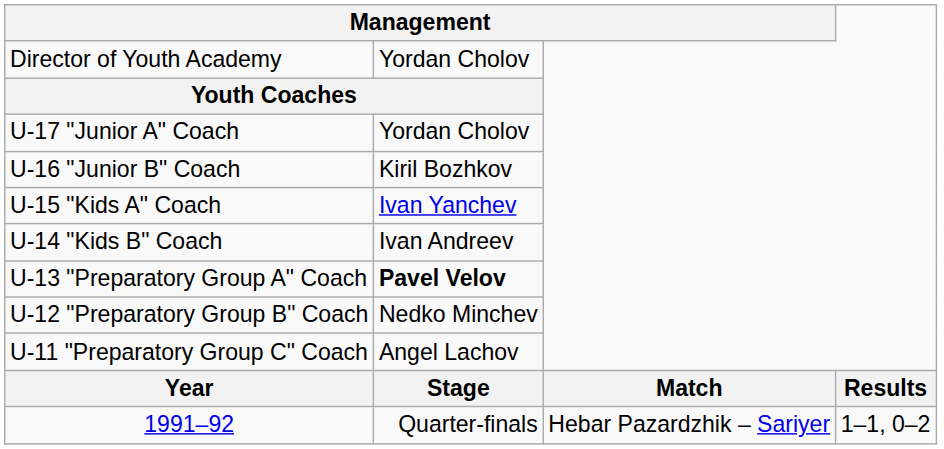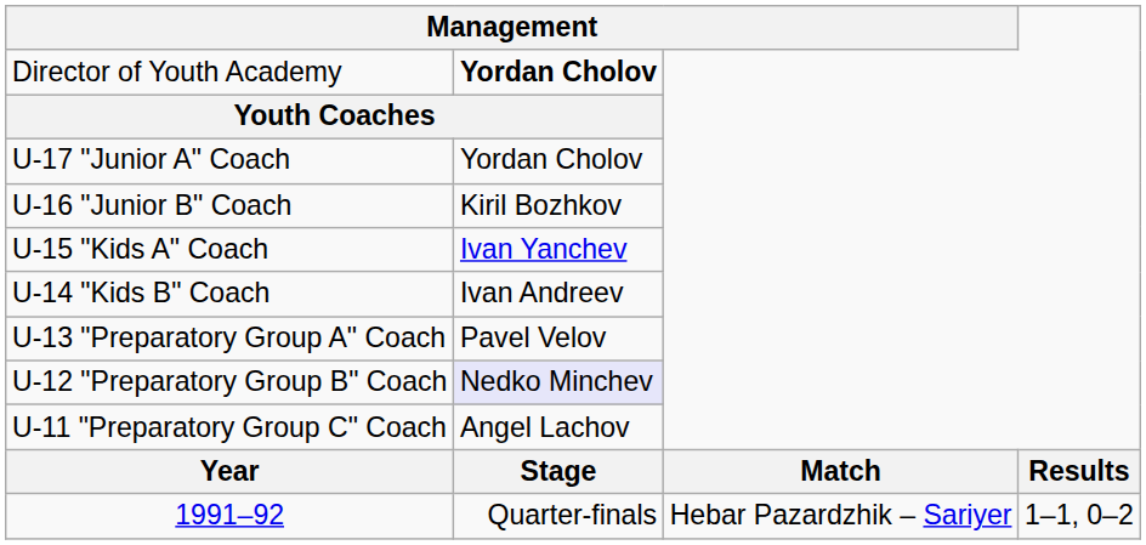 <table class="wikitable" style="text-align: center">
 <tr>
 <th colspan="3">Management</th>
 </tr>
 <tr>
 <td align=left>Director of Youth Academy</td>
-<td align=left> Yordan Cholov</td>
+<td align=left><strong> Yordan Cholov</strong></td>
 </tr>
 <tr>
 <th colspan="2">Youth Coaches</th>
 </tr>
 <tr>
 <td align=left>U-17 "Junior A" Coach</td>
 <td align=left> Yordan Cholov</td>
 </tr>
 <tr>
 <td align=left>U-16 "Junior B" Coach</td>
 <td align=left> Kiril Bozhkov</td>
 </tr>
 <tr>
 <td align=left>U-15 "Kids A" Coach</td>
 <td align=left> <a href='#'>Ivan Yanchev</a></td>
 </tr>
 <tr>
 <td align=left>U-14 "Kids B" Coach</td>
 <td align=left> Ivan Andreev</td>
 </tr>
 <tr>
 <td align=left>U-13 "Preparatory Group A" Coach</td>
-<td align=left><strong> Pavel Velov</strong></td>
+<td align=left> Pavel Velov</td>
 </tr>
 <tr>
 <td align=left>U-12 "Preparatory Group B" Coach</td>
-<td align=left> Nedko Minchev</td>
+<td align=left style="background: lavender;"> Nedko Minchev</td>
 </tr>
 <tr>
 <td align=left>U-11 "Preparatory Group C" Coach</td>
 <td align=left> Angel Lachov</td>
 </tr>
 <tr>
 <th>Year</th>
 <th>Stage</th>
 <th>Match</th>
 <th>Results</th>
 </tr>
 <tr>
 <td><a href='#'>1991–92</a></td>
 <td align=right>Quarter-finals</td>
 <td align=left>Hebar Pazardzhik –  <a href='#'>Sariyer</a></td>
 <td align=right>1–1, 0–2</td>
 </tr>
 </table>
